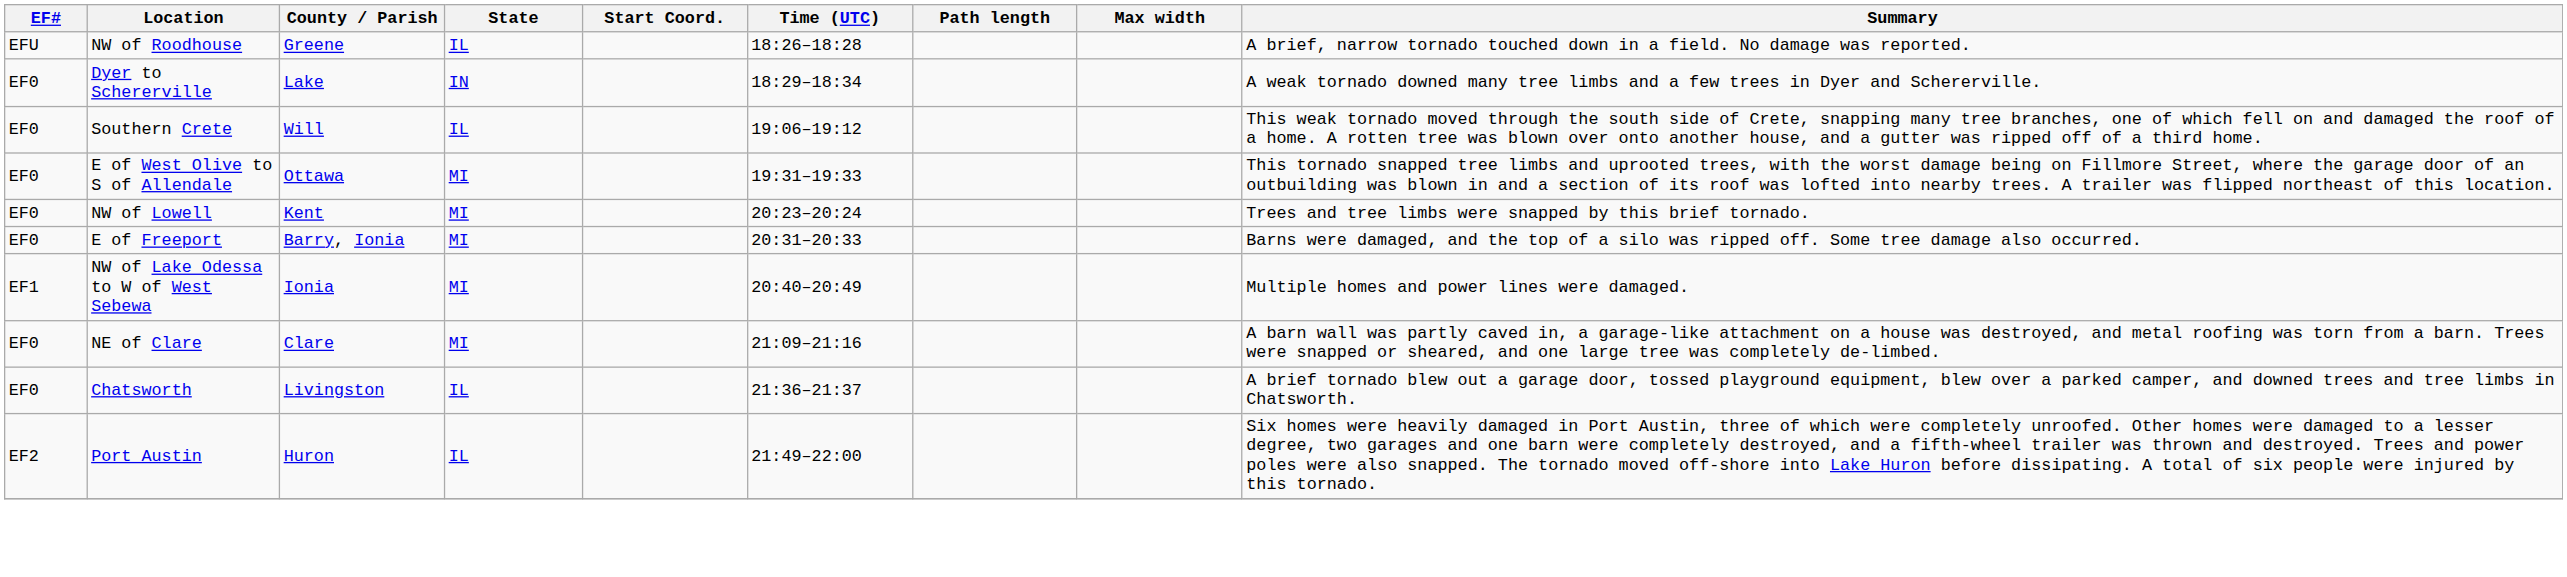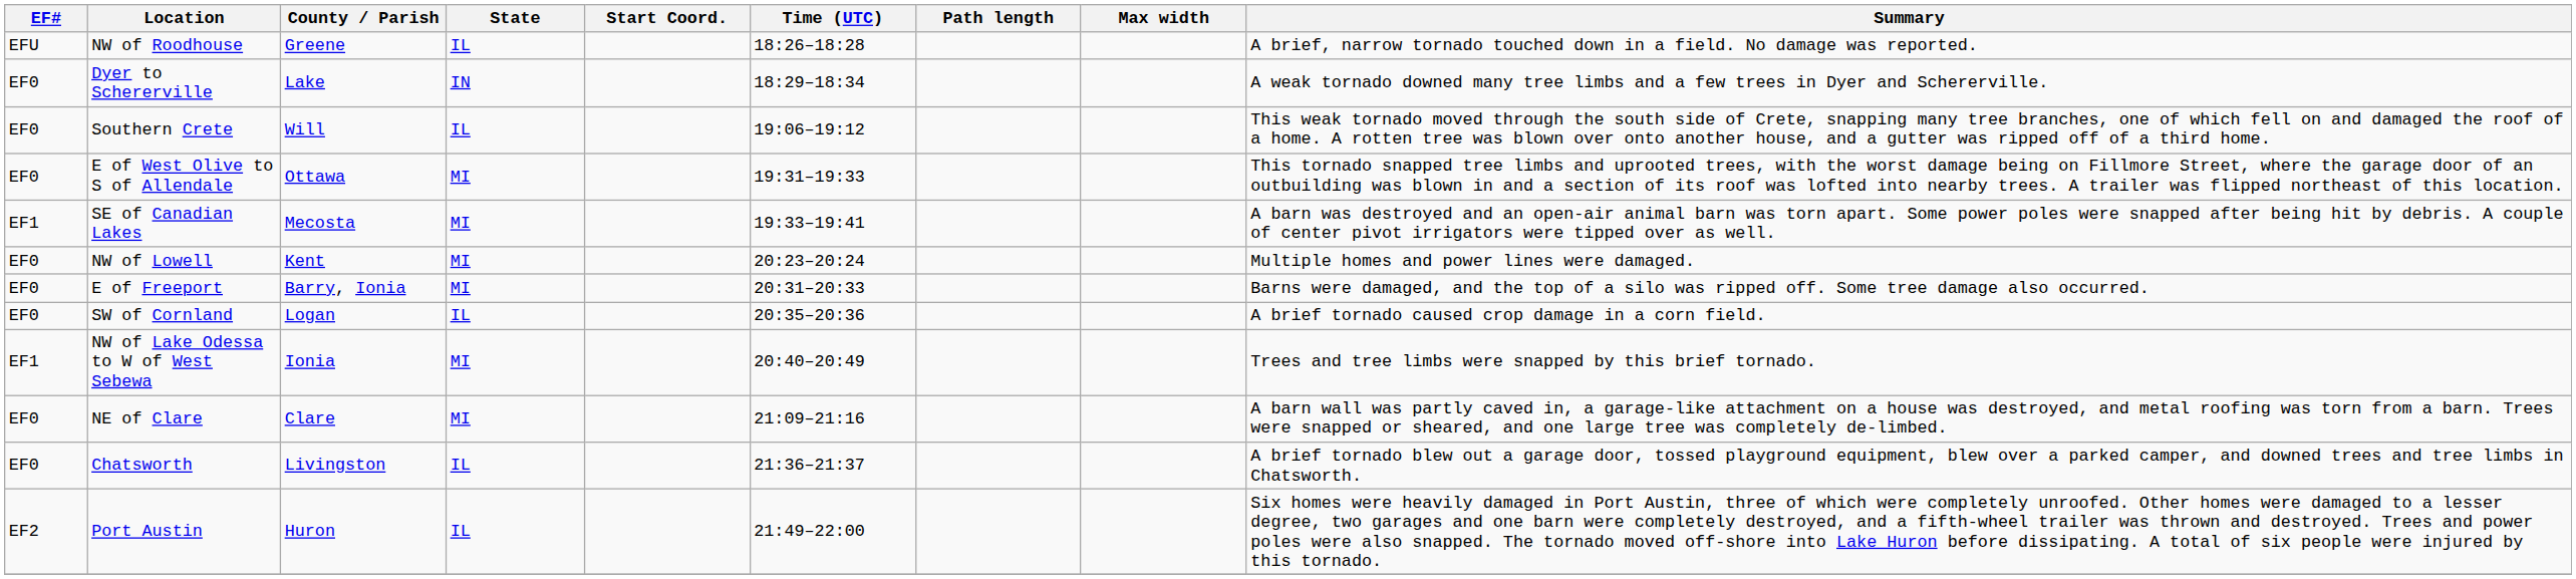 <table class="wikitable sortable" style="width:100%;">
 <tr>
 <th scope="col"  style="width:3%; text-align:center;"><a href='#'>EF#</a></th>
 <th scope="col"  style="width:7%; text-align:center;" class="unsortable">Location</th>
 <th scope="col"  style="width:6%; text-align:center;" class="unsortable">County / Parish</th>
 <th scope="col"  style="width:5%; text-align:center;">State</th>
 <th scope="col"  style="width:6%; text-align:center;">Start Coord.</th>
 <th scope="col"  style="width:6%; text-align:center;">Time (<a href='#'>UTC</a>)</th>
 <th scope="col"  style="width:6%; text-align:center;">Path length</th>
 <th scope="col"  style="width:6%; text-align:center;">Max width</th>
 <th scope="col" class="unsortable" style="width:48%; text-align:center;">Summary</th>
 </tr>
 <tr>
 <td>EFU</td>
 <td>NW of <a href='#'>Roodhouse</a></td>
 <td><a href='#'>Greene</a></td>
 <td><a href='#'>IL</a></td>
 <td></td>
 <td>18:26–18:28</td>
 <td></td>
 <td></td>
 <td>A brief, narrow tornado touched down in a field. No damage was reported.</td>
 </tr>
 <tr>
 <td>EF0</td>
 <td><a href='#'>Dyer</a> to <a href='#'>Schererville</a></td>
 <td><a href='#'>Lake</a></td>
 <td><a href='#'>IN</a></td>
 <td></td>
 <td>18:29–18:34</td>
 <td></td>
 <td></td>
 <td>A weak tornado downed many tree limbs and a few trees in Dyer and Schererville.</td>
 </tr>
 <tr>
 <td>EF0</td>
 <td>Southern <a href='#'>Crete</a></td>
 <td><a href='#'>Will</a></td>
 <td><a href='#'>IL</a></td>
 <td></td>
 <td>19:06–19:12</td>
 <td></td>
 <td></td>
 <td>This weak tornado moved through the south side of Crete, snapping many tree branches, one of which fell on and damaged the roof of a home. A rotten tree was blown over onto another house, and a gutter was ripped off of a third home.</td>
 </tr>
 <tr>
 <td>EF0</td>
 <td>E of <a href='#'>West Olive</a> to S of <a href='#'>Allendale</a></td>
 <td><a href='#'>Ottawa</a></td>
 <td><a href='#'>MI</a></td>
 <td></td>
 <td>19:31–19:33</td>
 <td></td>
 <td></td>
 <td>This tornado snapped tree limbs and uprooted trees, with the worst damage being on Fillmore Street, where the garage door of an outbuilding was blown in and a section of its roof was lofted into nearby trees. A trailer was flipped northeast of this location.</td>
 </tr>
 <tr>
+<td>EF1</td>
+<td>SE of <a href='#'>Canadian Lakes</a></td>
+<td><a href='#'>Mecosta</a></td>
+<td><a href='#'>MI</a></td>
+<td></td>
+<td>19:33–19:41</td>
+<td></td>
+<td></td>
+<td>A barn was destroyed and an open-air animal barn was torn apart. Some power poles were snapped after being hit by debris. A couple of center pivot irrigators were tipped over as well.</td>
+</tr>
+<tr>
 <td>EF0</td>
 <td>NW of <a href='#'>Lowell</a></td>
 <td><a href='#'>Kent</a></td>
 <td><a href='#'>MI</a></td>
 <td></td>
 <td>20:23–20:24</td>
 <td></td>
 <td></td>
-<td>Trees and tree limbs were snapped by this brief tornado.</td>
+<td>Multiple homes and power lines were damaged.</td>
 </tr>
 <tr>
 <td>EF0</td>
 <td>E of <a href='#'>Freeport</a></td>
 <td><a href='#'>Barry</a>, <a href='#'>Ionia</a></td>
 <td><a href='#'>MI</a></td>
 <td></td>
 <td>20:31–20:33</td>
 <td></td>
 <td></td>
 <td>Barns were damaged, and the top of a silo was ripped off. Some tree damage also occurred.</td>
 </tr>
 <tr>
+<td>EF0</td>
+<td>SW of <a href='#'>Cornland</a></td>
+<td><a href='#'>Logan</a></td>
+<td><a href='#'>IL</a></td>
+<td></td>
+<td>20:35–20:36</td>
+<td></td>
+<td></td>
+<td>A brief tornado caused crop damage in a corn field.</td>
+</tr>
+<tr>
 <td>EF1</td>
 <td>NW of <a href='#'>Lake Odessa</a> to W of <a href='#'>West Sebewa</a></td>
 <td><a href='#'>Ionia</a></td>
 <td><a href='#'>MI</a></td>
 <td></td>
 <td>20:40–20:49</td>
 <td></td>
 <td></td>
-<td>Multiple homes and power lines were damaged.</td>
+<td>Trees and tree limbs were snapped by this brief tornado.</td>
 </tr>
 <tr>
 <td>EF0</td>
 <td>NE of <a href='#'>Clare</a></td>
 <td><a href='#'>Clare</a></td>
 <td><a href='#'>MI</a></td>
 <td></td>
 <td>21:09–21:16</td>
 <td></td>
 <td></td>
 <td>A barn wall was partly caved in, a garage-like attachment on a house was destroyed, and metal roofing was torn from a barn. Trees were snapped or sheared, and one large tree was completely de-limbed.</td>
 </tr>
 <tr>
 <td>EF0</td>
 <td><a href='#'>Chatsworth</a></td>
 <td><a href='#'>Livingston</a></td>
 <td><a href='#'>IL</a></td>
 <td></td>
 <td>21:36–21:37</td>
 <td></td>
 <td></td>
 <td>A brief tornado blew out a garage door, tossed playground equipment, blew over a parked camper, and downed trees and tree limbs in Chatsworth.</td>
 </tr>
 <tr>
 <td>EF2</td>
 <td><a href='#'>Port Austin</a></td>
 <td><a href='#'>Huron</a></td>
 <td><a href='#'>IL</a></td>
 <td></td>
 <td>21:49–22:00</td>
 <td></td>
 <td></td>
 <td>Six homes were heavily damaged in Port Austin, three of which were completely unroofed. Other homes were damaged to a lesser degree, two garages and one barn were completely destroyed, and a fifth-wheel trailer was thrown and destroyed. Trees and power poles were also snapped. The tornado moved off-shore into <a href='#'>Lake Huron</a> before dissipating. A total of six people were injured by this tornado.</td>
 </tr>
 <tr>
 </tr>
 </table>
